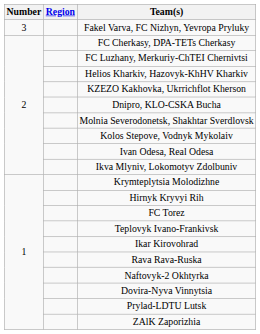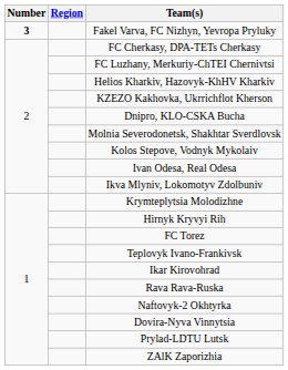 <table class="wikitable" style="text-align:center">
 <tr>
 <th>Number</th>
 <th><a href='#'>Region</a></th>
 <th>Team(s)</th>
 </tr>
 <tr>
-<td rowspan="1">3</td>
+<td rowspan="1"><strong>3</strong></td>
 <td align="left"></td>
 <td>Fakel Varva, FC Nizhyn, Yevropa Pryluky</td>
 </tr>
 <tr>
 <td rowspan="9">2</td>
 <td align="left"></td>
 <td>FC Cherkasy, DPA-TETs Cherkasy</td>
 </tr>
 <tr>
 <td align="left"></td>
 <td>FC Luzhany, Merkuriy-ChTEI Chernivtsi</td>
 </tr>
 <tr>
 <td align="left"></td>
 <td>Helios Kharkiv, Hazovyk-KhHV Kharkiv</td>
 </tr>
 <tr>
 <td align="left"></td>
 <td>KZEZO Kakhovka, Ukrrichflot Kherson</td>
 </tr>
 <tr>
 <td align="left"></td>
 <td>Dnipro, KLO-CSKA Bucha</td>
 </tr>
 <tr>
 <td align="left"></td>
 <td>Molnia Severodonetsk, Shakhtar Sverdlovsk</td>
 </tr>
 <tr>
 <td align="left"></td>
 <td>Kolos Stepove, Vodnyk Mykolaiv</td>
 </tr>
 <tr>
 <td align="left"></td>
 <td>Ivan Odesa, Real Odesa</td>
 </tr>
 <tr>
 <td align="left"></td>
 <td>Ikva Mlyniv, Lokomotyv Zdolbuniv</td>
 </tr>
 <tr>
 <td rowspan="16">1</td>
 <td align="left"></td>
 <td>Krymteplytsia Molodizhne</td>
 </tr>
 <tr>
 <td align="left"></td>
 <td>Hirnyk Kryvyi Rih</td>
 </tr>
 <tr>
 <td align="left"></td>
 <td>FC Torez</td>
 </tr>
 <tr>
 <td align="left"></td>
 <td>Teplovyk Ivano-Frankivsk</td>
 </tr>
 <tr>
 <td align="left"></td>
 <td>Ikar Kirovohrad</td>
 </tr>
 <tr>
 <td align="left"></td>
 <td>Rava Rava-Ruska</td>
 </tr>
 <tr>
 <td align="left"></td>
 <td>Naftovyk-2 Okhtyrka</td>
 </tr>
 <tr>
 <td align="left"></td>
 <td>Dovira-Nyva Vinnytsia</td>
 </tr>
 <tr>
 <td align="left"></td>
 <td>Prylad-LDTU Lutsk</td>
 </tr>
 <tr>
 <td align="left"></td>
 <td>ZAlK Zaporizhia</td>
 </tr>
 </table>
